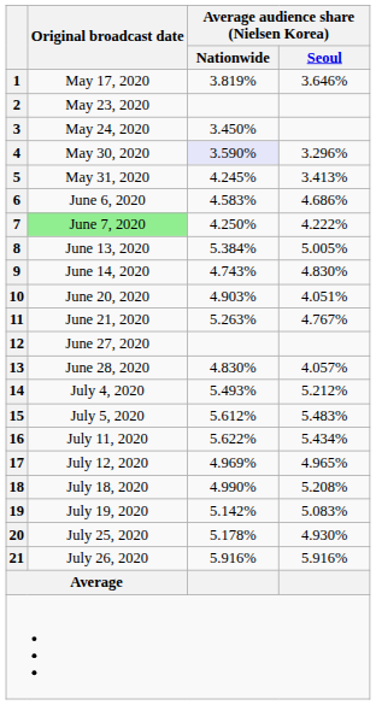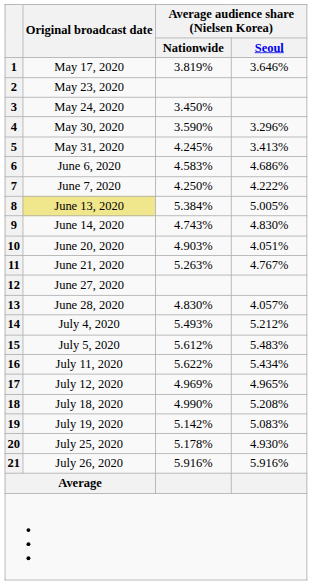 <table class="wikitable" style="text-align:center;max-width:500px; margin-left: auto; margin-right: auto; border: none;">
 <tr>
 </tr>
 <tr>
 <th rowspan="2"></th>
 <th rowspan="2">Original broadcast date</th>
 <th colspan="2">Average audience share<br>(Nielsen Korea)</th>
 </tr>
 <tr>
 <th width="90">Nationwide</th>
 <th width="90"><a href='#'>Seoul</a></th>
 </tr>
 <tr>
 <th>1</th>
 <td>May 17, 2020</td>
 <td>3.819%</td>
 <td>3.646%</td>
 </tr>
 <tr>
 <th>2</th>
 <td>May 23, 2020</td>
 <td></td>
 <td></td>
 </tr>
 <tr>
 <th>3</th>
 <td>May 24, 2020</td>
 <td>3.450%</td>
 <td></td>
 </tr>
 <tr>
 <th>4</th>
 <td>May 30, 2020</td>
-<td style="background: lavender;">3.590%</td>
+<td>3.590%</td>
 <td>3.296%</td>
 </tr>
 <tr>
 <th>5</th>
 <td>May 31, 2020</td>
 <td>4.245%</td>
 <td>3.413%</td>
 </tr>
 <tr>
 <th>6</th>
 <td>June 6, 2020</td>
 <td>4.583%</td>
 <td>4.686%</td>
 </tr>
 <tr>
 <th>7</th>
-<td style="background: lightgreen;">June 7, 2020</td>
+<td>June 7, 2020</td>
 <td>4.250%</td>
 <td>4.222%</td>
 </tr>
 <tr>
 <th>8</th>
-<td>June 13, 2020</td>
+<td style="background: khaki;">June 13, 2020</td>
 <td>5.384%</td>
 <td>5.005%</td>
 </tr>
 <tr>
 <th>9</th>
 <td>June 14, 2020</td>
 <td>4.743%</td>
 <td>4.830%</td>
 </tr>
 <tr>
 <th>10</th>
 <td>June 20, 2020</td>
 <td>4.903%</td>
 <td>4.051%</td>
 </tr>
 <tr>
 <th>11</th>
 <td>June 21, 2020</td>
 <td>5.263%</td>
 <td>4.767%</td>
 </tr>
 <tr>
 <th>12</th>
 <td>June 27, 2020</td>
 <td></td>
 <td></td>
 </tr>
 <tr>
 <th>13</th>
 <td>June 28, 2020</td>
 <td>4.830%</td>
 <td>4.057%</td>
 </tr>
 <tr>
 <th>14</th>
 <td>July 4, 2020</td>
 <td>5.493%</td>
 <td>5.212%</td>
 </tr>
 <tr>
 <th>15</th>
 <td>July 5, 2020</td>
 <td>5.612%</td>
 <td>5.483%</td>
 </tr>
 <tr>
 <th>16</th>
 <td>July 11, 2020</td>
 <td>5.622%</td>
 <td>5.434%</td>
 </tr>
 <tr>
 <th>17</th>
 <td>July 12, 2020</td>
 <td>4.969%</td>
 <td>4.965%</td>
 </tr>
 <tr>
 <th>18</th>
 <td>July 18, 2020</td>
 <td>4.990%</td>
 <td>5.208%</td>
 </tr>
 <tr>
 <th>19</th>
 <td>July 19, 2020</td>
 <td>5.142%</td>
 <td>5.083%</td>
 </tr>
 <tr>
 <th>20</th>
 <td>July 25, 2020</td>
 <td>5.178%</td>
 <td>4.930%</td>
 </tr>
 <tr>
 <th>21</th>
 <td>July 26, 2020</td>
 <td>5.916%</td>
 <td>5.916%</td>
 </tr>
 <tr>
 <th colspan="2">Average</th>
 <th></th>
 <th></th>
 </tr>
 <tr>
 <td colspan="4"><br><ul><li></li><li></li><li></li></ul></td>
 </tr>
 </table>
